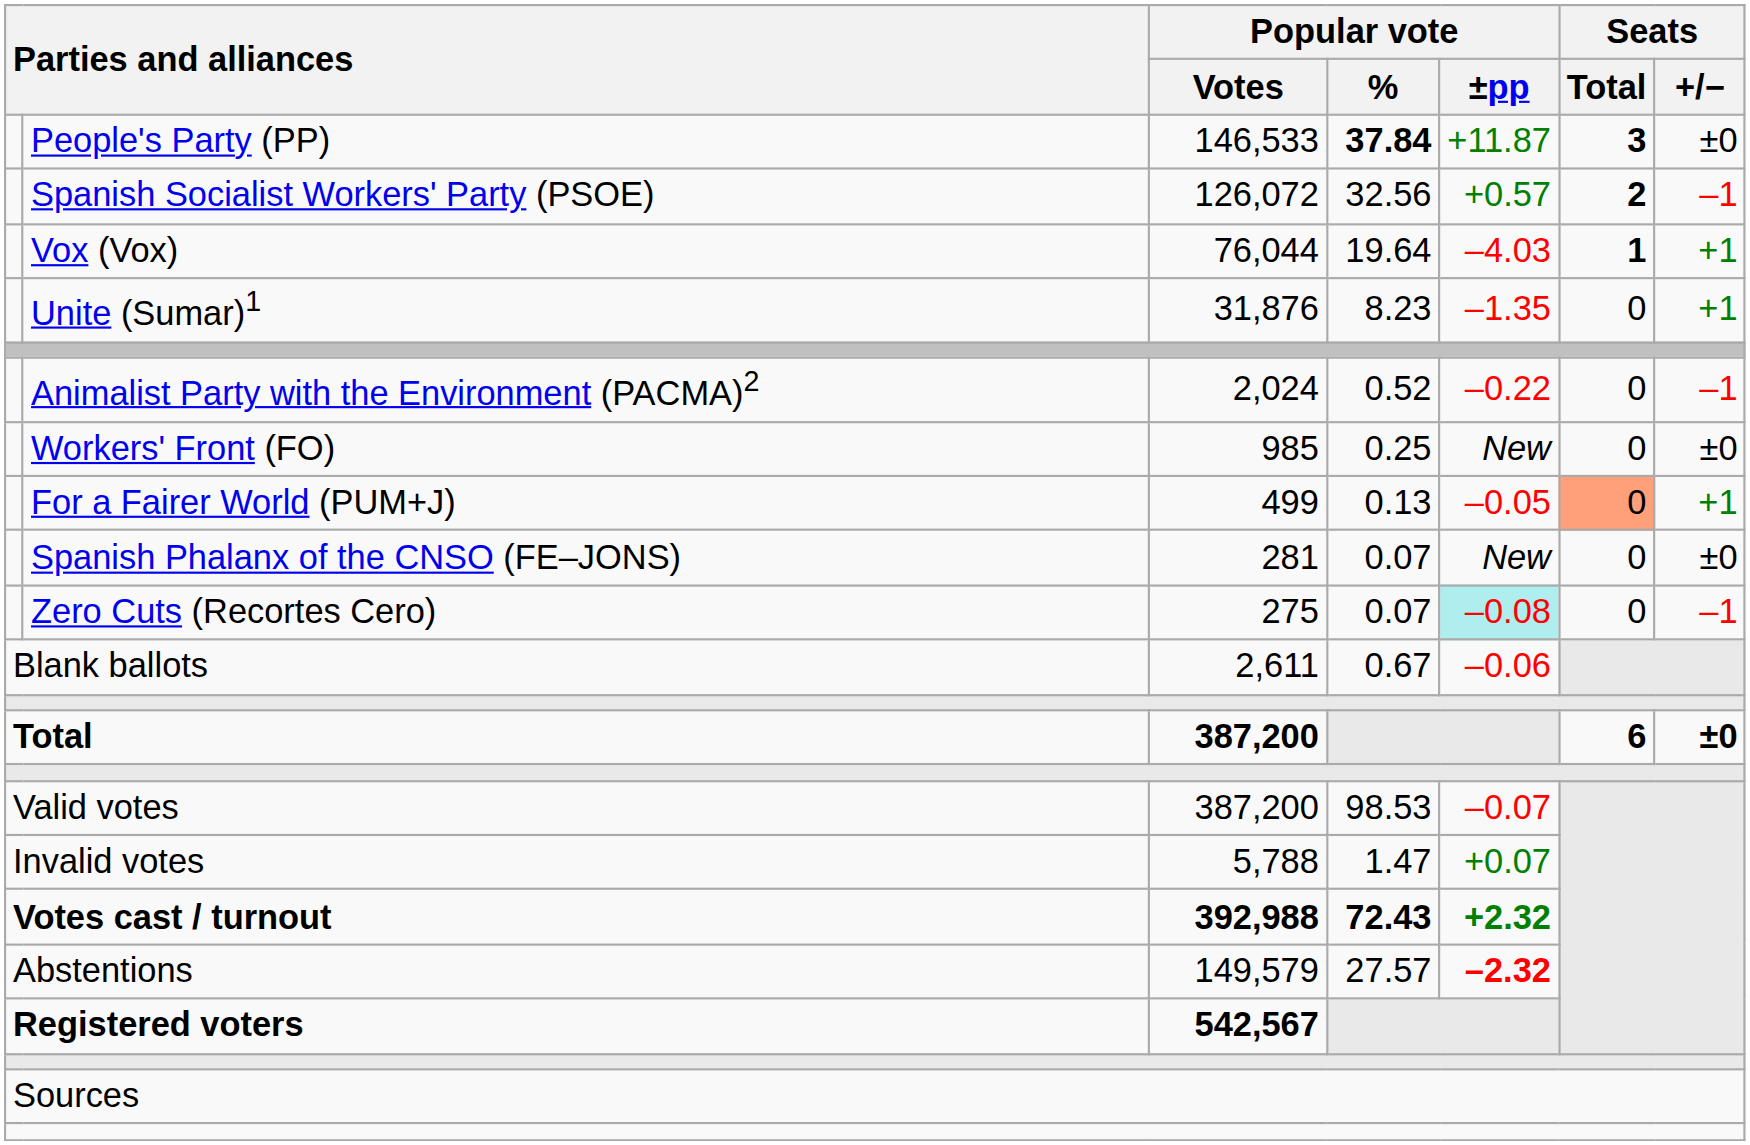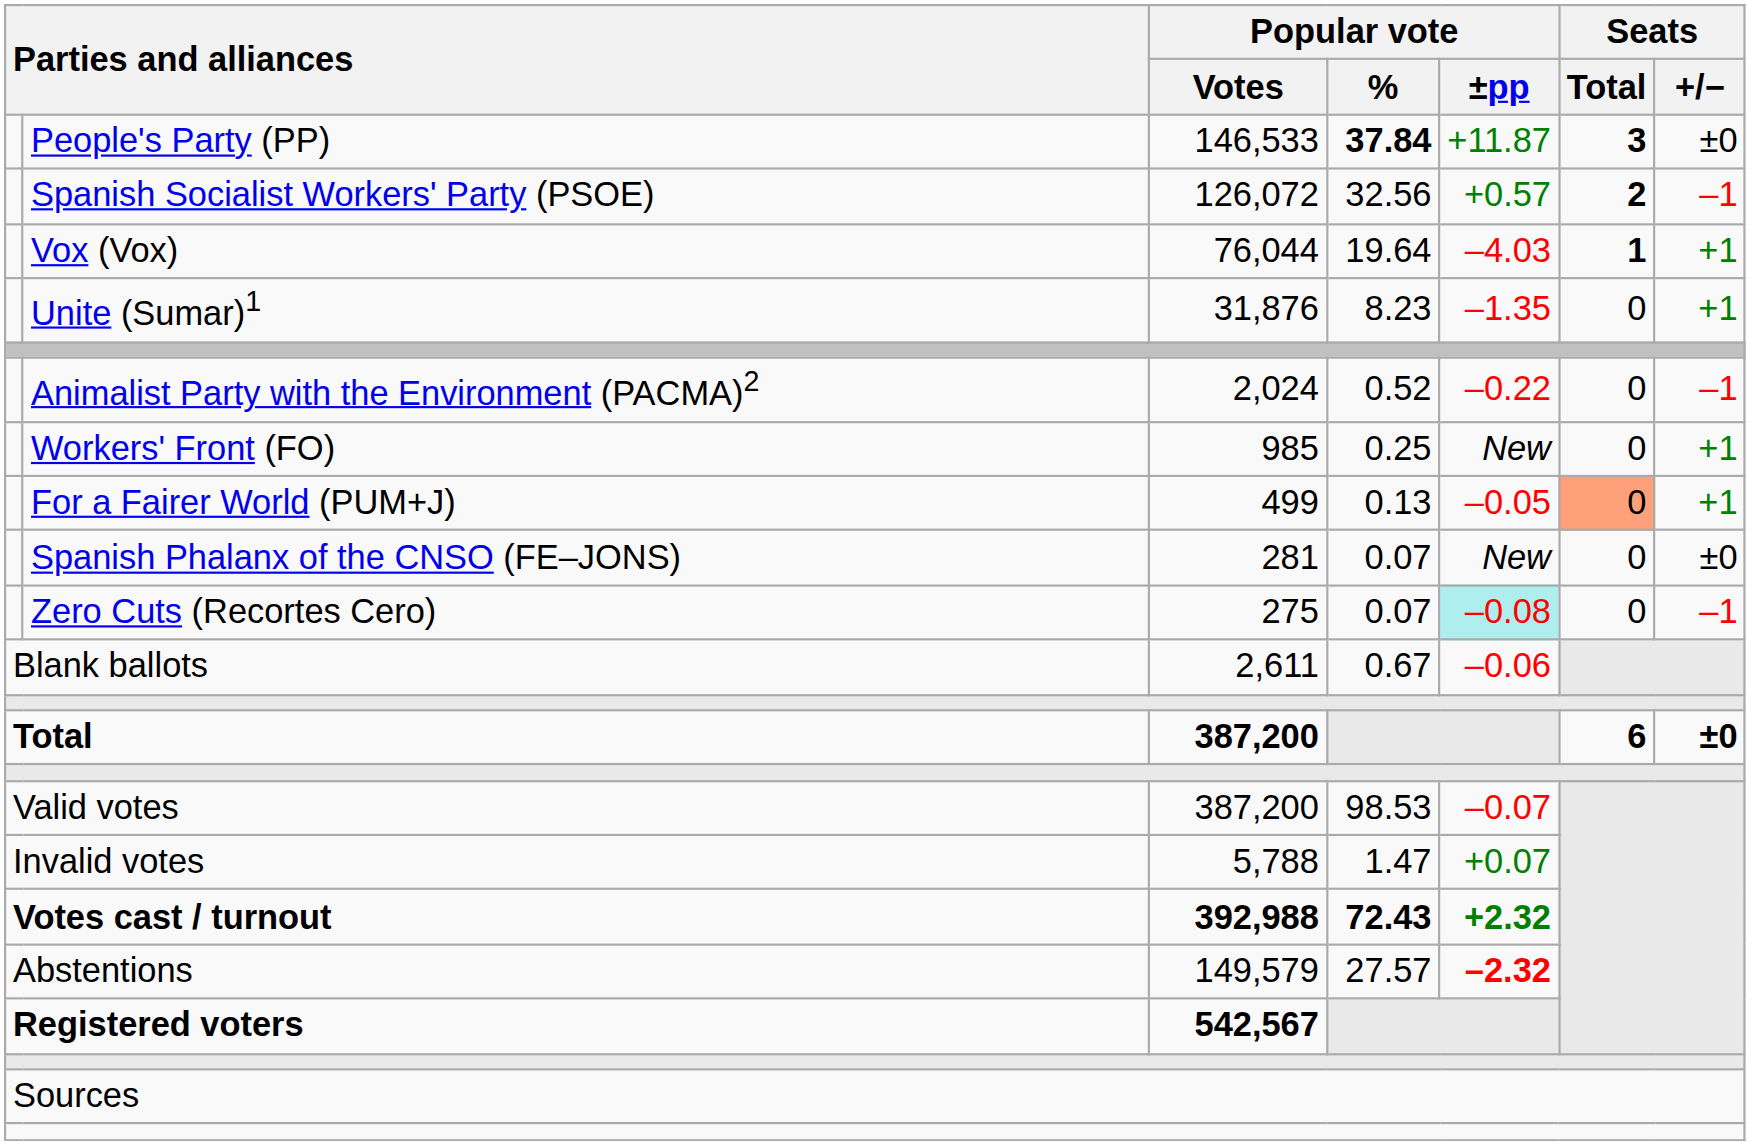 <table class="wikitable" style="text-align:right;">
 <tr>
 <th style="text-align:left;" rowspan="2" colspan="2" width="525">Parties and alliances</th>
 <th colspan="3">Popular vote</th>
 <th colspan="2">Seats</th>
 </tr>
 <tr>
 <th width="75">Votes</th>
 <th width="45">%</th>
 <th width="45">±<a href='#'>pp</a></th>
 <th width="35">Total</th>
 <th width="35">+/−</th>
 </tr>
 <tr>
 <td width="1" style="color:inherit;background:"></td>
 <td align="left"><a href='#'>People's Party</a> (PP)</td>
 <td>146,533</td>
 <td><strong>37.84</strong></td>
 <td style="color:green;">+11.87</td>
 <td><strong>3</strong></td>
 <td>±0</td>
 </tr>
 <tr>
 <td style="color:inherit;background:"></td>
 <td align="left"><a href='#'>Spanish Socialist Workers' Party</a> (PSOE)</td>
 <td>126,072</td>
 <td>32.56</td>
 <td style="color:green;">+0.57</td>
 <td><strong>2</strong></td>
 <td style="color:red;">–1</td>
 </tr>
 <tr>
 <td style="color:inherit;background:"></td>
 <td align="left"><a href='#'>Vox</a> (Vox)</td>
 <td>76,044</td>
 <td>19.64</td>
 <td style="color:red;">–4.03</td>
 <td><strong>1</strong></td>
 <td style="color:green;">+1</td>
 </tr>
 <tr>
 <td style="color:inherit;background:"></td>
 <td align="left"><a href='#'>Unite</a> (Sumar)<sup>1</sup></td>
 <td>31,876</td>
 <td>8.23</td>
 <td style="color:red;">–1.35</td>
 <td>0</td>
 <td style="color:green;">+1</td>
 </tr>
 <tr>
 <td colspan="7" bgcolor="#C0C0C0"></td>
 </tr>
 <tr>
 <td style="color:inherit;background:"></td>
 <td align="left"><a href='#'>Animalist Party with the Environment</a> (PACMA)<sup>2</sup></td>
 <td>2,024</td>
 <td>0.52</td>
 <td style="color:red;">–0.22</td>
 <td>0</td>
 <td style="color:red;">–1</td>
 </tr>
 <tr>
 <td style="color:inherit;background:"></td>
 <td align="left"><a href='#'>Workers' Front</a> (FO)</td>
 <td>985</td>
 <td>0.25</td>
 <td><em>New</em></td>
 <td>0</td>
-<td>±0</td>
+<td style="color:green;">+1</td>
 </tr>
 <tr>
 <td style="color:inherit;background:"></td>
 <td align="left"><a href='#'>For a Fairer World</a> (PUM+J)</td>
 <td>499</td>
 <td>0.13</td>
 <td style="color:red;">–0.05</td>
 <td style="background: lightsalmon;">0</td>
 <td style="color:green;">+1</td>
 </tr>
 <tr>
 <td style="color:inherit;background:"></td>
 <td align="left"><a href='#'>Spanish Phalanx of the CNSO</a> (FE–JONS)</td>
 <td>281</td>
 <td>0.07</td>
 <td><em>New</em></td>
 <td>0</td>
 <td>±0</td>
 </tr>
 <tr>
 <td style="color:inherit;background:"></td>
 <td align="left"><a href='#'>Zero Cuts</a> (Recortes Cero)</td>
 <td>275</td>
 <td>0.07</td>
 <td style="background: paleturquoise; color:red;">–0.08</td>
 <td>0</td>
 <td style="color:red;">–1</td>
 </tr>
 <tr>
 <td align="left" colspan="2">Blank ballots</td>
 <td>2,611</td>
 <td>0.67</td>
 <td style="color:red;">–0.06</td>
 <td bgcolor="#E9E9E9" colspan="2"></td>
 </tr>
 <tr>
 <td colspan="7" bgcolor="#E9E9E9"></td>
 </tr>
 <tr style="font-weight:bold;">
 <td align="left" colspan="2">Total</td>
 <td>387,200</td>
 <td bgcolor="#E9E9E9" colspan="2"></td>
 <td>6</td>
 <td>±0</td>
 </tr>
 <tr>
 <td colspan="7" bgcolor="#E9E9E9"></td>
 </tr>
 <tr>
 <td align="left" colspan="2">Valid votes</td>
 <td>387,200</td>
 <td>98.53</td>
 <td style="color:red;">–0.07</td>
 <td bgcolor="#E9E9E9" colspan="2" rowspan="5"></td>
 </tr>
 <tr>
 <td align="left" colspan="2">Invalid votes</td>
 <td>5,788</td>
 <td>1.47</td>
 <td style="color:green;">+0.07</td>
 </tr>
 <tr style="font-weight:bold;">
 <td align="left" colspan="2">Votes cast / turnout</td>
 <td>392,988</td>
 <td>72.43</td>
 <td style="color:green;">+2.32</td>
 </tr>
 <tr>
 <td align="left" colspan="2">Abstentions</td>
 <td>149,579</td>
 <td>27.57</td>
 <td style="color:red;"><strong>–2.32</strong></td>
 </tr>
 <tr style="font-weight:bold;">
 <td align="left" colspan="2">Registered voters</td>
 <td>542,567</td>
 <td bgcolor="#E9E9E9" colspan="2"></td>
 </tr>
 <tr>
 <td colspan="7" bgcolor="#E9E9E9"></td>
 </tr>
 <tr>
 <td align="left" colspan="7">Sources</td>
 </tr>
 <tr>
 <td colspan="7" style="text-align:left; max-width:790px;"></td>
 </tr>
 </table>
